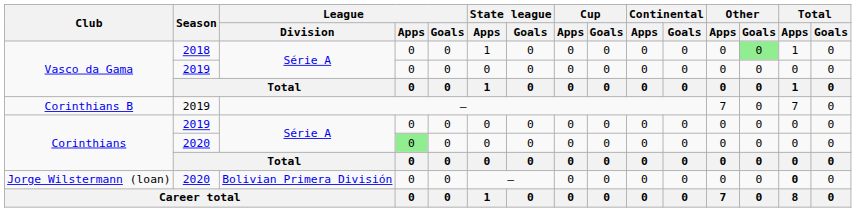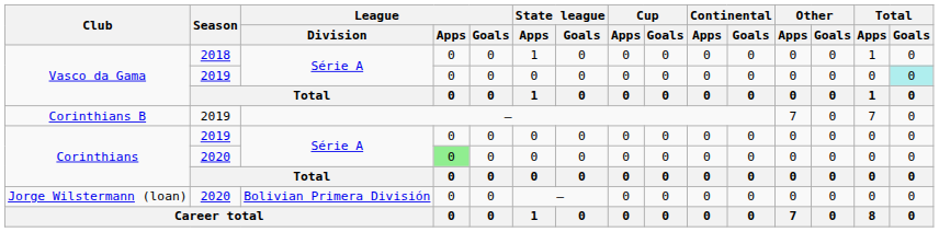 <table class="wikitable" style="text-align: center">
 <tr>
 <th rowspan="2">Club</th>
 <th rowspan="2">Season</th>
 <th colspan="3">League</th>
 <th colspan="2">State league</th>
 <th colspan="2">Cup</th>
 <th colspan="2">Continental</th>
 <th colspan="2">Other</th>
 <th colspan="2">Total</th>
 </tr>
 <tr>
 <th>Division</th>
 <th>Apps</th>
 <th>Goals</th>
 <th>Apps</th>
 <th>Goals</th>
 <th>Apps</th>
 <th>Goals</th>
 <th>Apps</th>
 <th>Goals</th>
 <th>Apps</th>
 <th>Goals</th>
 <th>Apps</th>
 <th>Goals</th>
 </tr>
 <tr>
 <td rowspan="3"><a href='#'>Vasco da Gama</a></td>
 <td><a href='#'>2018</a></td>
 <td rowspan="2"><a href='#'>Série A</a></td>
 <td>0</td>
 <td>0</td>
 <td>1</td>
 <td>0</td>
 <td>0</td>
 <td>0</td>
 <td>0</td>
 <td>0</td>
 <td>0</td>
-<td style="background: lightgreen;">0</td>
+<td>0</td>
 <td>1</td>
 <td>0</td>
 </tr>
 <tr>
 <td><a href='#'>2019</a></td>
 <td>0</td>
 <td>0</td>
 <td>0</td>
 <td>0</td>
 <td>0</td>
 <td>0</td>
 <td>0</td>
 <td>0</td>
 <td>0</td>
 <td>0</td>
 <td>0</td>
-<td>0</td>
+<td style="background: paleturquoise;">0</td>
 </tr>
 <tr>
 <th colspan="2"><strong>Total</strong></th>
 <th>0</th>
 <th>0</th>
 <th>1</th>
 <th>0</th>
 <th>0</th>
 <th>0</th>
 <th>0</th>
 <th>0</th>
 <th>0</th>
 <th>0</th>
 <th>1</th>
 <th>0</th>
 </tr>
 <tr>
 <td><a href='#'>Corinthians B</a></td>
 <td>2019</td>
 <td colspan="9">–</td>
 <td>7</td>
 <td>0</td>
 <td>7</td>
 <td>0</td>
 </tr>
 <tr>
 <td rowspan="3"><a href='#'>Corinthians</a></td>
 <td><a href='#'>2019</a></td>
 <td rowspan="2"><a href='#'>Série A</a></td>
 <td>0</td>
 <td>0</td>
 <td>0</td>
 <td>0</td>
 <td>0</td>
 <td>0</td>
 <td>0</td>
 <td>0</td>
 <td>0</td>
 <td>0</td>
 <td>0</td>
 <td>0</td>
 </tr>
 <tr>
 <td><a href='#'>2020</a></td>
 <td style="background: lightgreen;">0</td>
 <td>0</td>
 <td>0</td>
 <td>0</td>
 <td>0</td>
 <td>0</td>
 <td>0</td>
 <td>0</td>
 <td>0</td>
 <td>0</td>
 <td>0</td>
 <td>0</td>
 </tr>
 <tr>
 <th colspan="2"><strong>Total</strong></th>
 <th>0</th>
 <th>0</th>
 <th>0</th>
 <th>0</th>
 <th>0</th>
 <th>0</th>
 <th>0</th>
 <th>0</th>
 <th>0</th>
 <th>0</th>
 <th>0</th>
 <th>0</th>
 </tr>
 <tr>
 <td><a href='#'>Jorge Wilstermann</a> (loan)</td>
 <td><a href='#'>2020</a></td>
 <td><a href='#'>Bolivian Primera División</a></td>
 <td>0</td>
 <td>0</td>
 <td colspan="2">–</td>
 <td>0</td>
 <td>0</td>
 <td>0</td>
 <td>0</td>
 <td>0</td>
 <td>0</td>
-<td><strong>0</strong></td>
+<td>0</td>
 <td>0</td>
 </tr>
 <tr>
 <th colspan="3"><strong>Career total</strong></th>
 <th>0</th>
 <th>0</th>
 <th>1</th>
 <th>0</th>
 <th>0</th>
 <th>0</th>
 <th>0</th>
 <th>0</th>
 <th>7</th>
 <th>0</th>
 <th>8</th>
 <th>0</th>
 </tr>
 </table>
